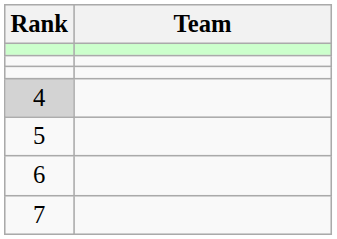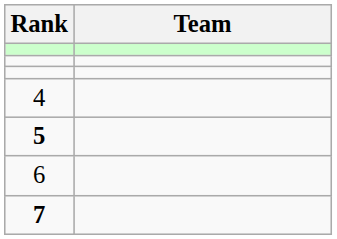 <table class="wikitable" style="text-align: center; ">
 <tr>
 <th width=35>Rank</th>
 <th width=160>Team</th>
 </tr>
 <tr>
 <td style="background: #ccffcc"></td>
 <td style="background: #ccffcc;text-align:left"></td>
 </tr>
 <tr>
 <td></td>
 <td align="left"></td>
 </tr>
 <tr>
 <td></td>
 <td align="left"></td>
 </tr>
 <tr>
-<td style="background: lightgrey;">4</td>
+<td>4</td>
 <td align="left"></td>
 </tr>
 <tr>
-<td>5</td>
+<td><strong>5</strong></td>
 <td align="left"></td>
 </tr>
 <tr>
 <td>6</td>
 <td align="left"></td>
 </tr>
 <tr>
-<td>7</td>
+<td><strong>7</strong></td>
 <td align="left"></td>
 </tr>
 </table>
